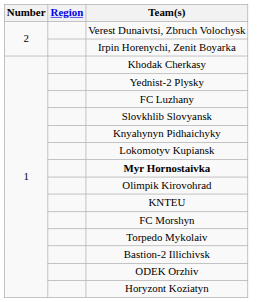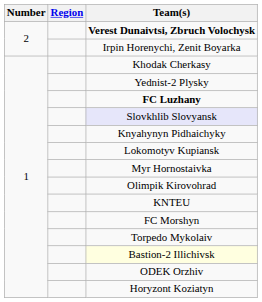 <table class="wikitable" style="text-align:center">
 <tr>
 <th>Number</th>
 <th><a href='#'>Region</a></th>
 <th>Team(s)</th>
 </tr>
 <tr>
 <td rowspan="2">2</td>
 <td align="left"></td>
-<td>Verest Dunaivtsi, Zbruch Volochysk</td>
+<td><strong>Verest Dunaivtsi, Zbruch Volochysk</strong></td>
 </tr>
 <tr>
 <td align="left"></td>
 <td>Irpin Horenychi, Zenit Boyarka</td>
 </tr>
 <tr>
 <td rowspan="16">1</td>
 <td align="left"></td>
 <td>Khodak Cherkasy</td>
 </tr>
 <tr>
 <td align="left"></td>
 <td>Yednist-2 Plysky</td>
 </tr>
 <tr>
 <td align="left"></td>
-<td>FC Luzhany</td>
+<td><strong>FC Luzhany</strong></td>
 </tr>
 <tr>
 <td align="left"></td>
-<td>Slovkhlib Slovyansk</td>
+<td style="background: lavender;">Slovkhlib Slovyansk</td>
 </tr>
 <tr>
 <td align="left"></td>
 <td>Knyahynyn Pidhaichyky</td>
 </tr>
 <tr>
 <td align="left"></td>
 <td>Lokomotyv Kupiansk</td>
 </tr>
 <tr>
 <td align="left"></td>
-<td><strong>Myr Hornostaivka</strong></td>
+<td>Myr Hornostaivka</td>
 </tr>
 <tr>
 <td align="left"></td>
 <td>Olimpik Kirovohrad</td>
 </tr>
 <tr>
 <td align="left"></td>
 <td>KNTEU</td>
 </tr>
 <tr>
 <td align="left"></td>
 <td>FC Morshyn</td>
 </tr>
 <tr>
 <td align="left"></td>
 <td>Torpedo Mykolaiv</td>
 </tr>
 <tr>
 <td align="left"></td>
-<td>Bastion-2 Illichivsk</td>
+<td style="background: lightyellow;">Bastion-2 Illichivsk</td>
 </tr>
 <tr>
 <td align="left"></td>
 <td>ODEK Orzhiv</td>
 </tr>
 <tr>
 <td align="left"></td>
 <td>Horyzont Koziatyn</td>
 </tr>
 </table>
